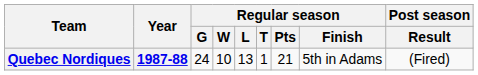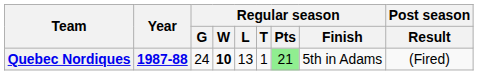 <table class="wikitable" style="font-size: 95%; text-align:center;">
 <tr>
 <th rowspan="2">Team</th>
 <th rowspan="2">Year</th>
 <th colspan="6">Regular season</th>
 <th colspan="1">Post season</th>
 </tr>
 <tr>
 <th>G</th>
 <th>W</th>
 <th>L</th>
 <th>T</th>
 <th>Pts</th>
 <th>Finish</th>
 <th>Result</th>
 </tr>
 <tr>
 <th><a href='#'>Quebec Nordiques</a></th>
 <th><a href='#'>1987-88</a></th>
 <td>24</td>
-<td>10</td>
+<td><strong>10</strong></td>
 <td>13</td>
 <td>1</td>
-<td>21</td>
+<td style="background: lightgreen;">21</td>
 <td>5th in Adams</td>
 <td>(Fired)</td>
 </tr>
 </table>
